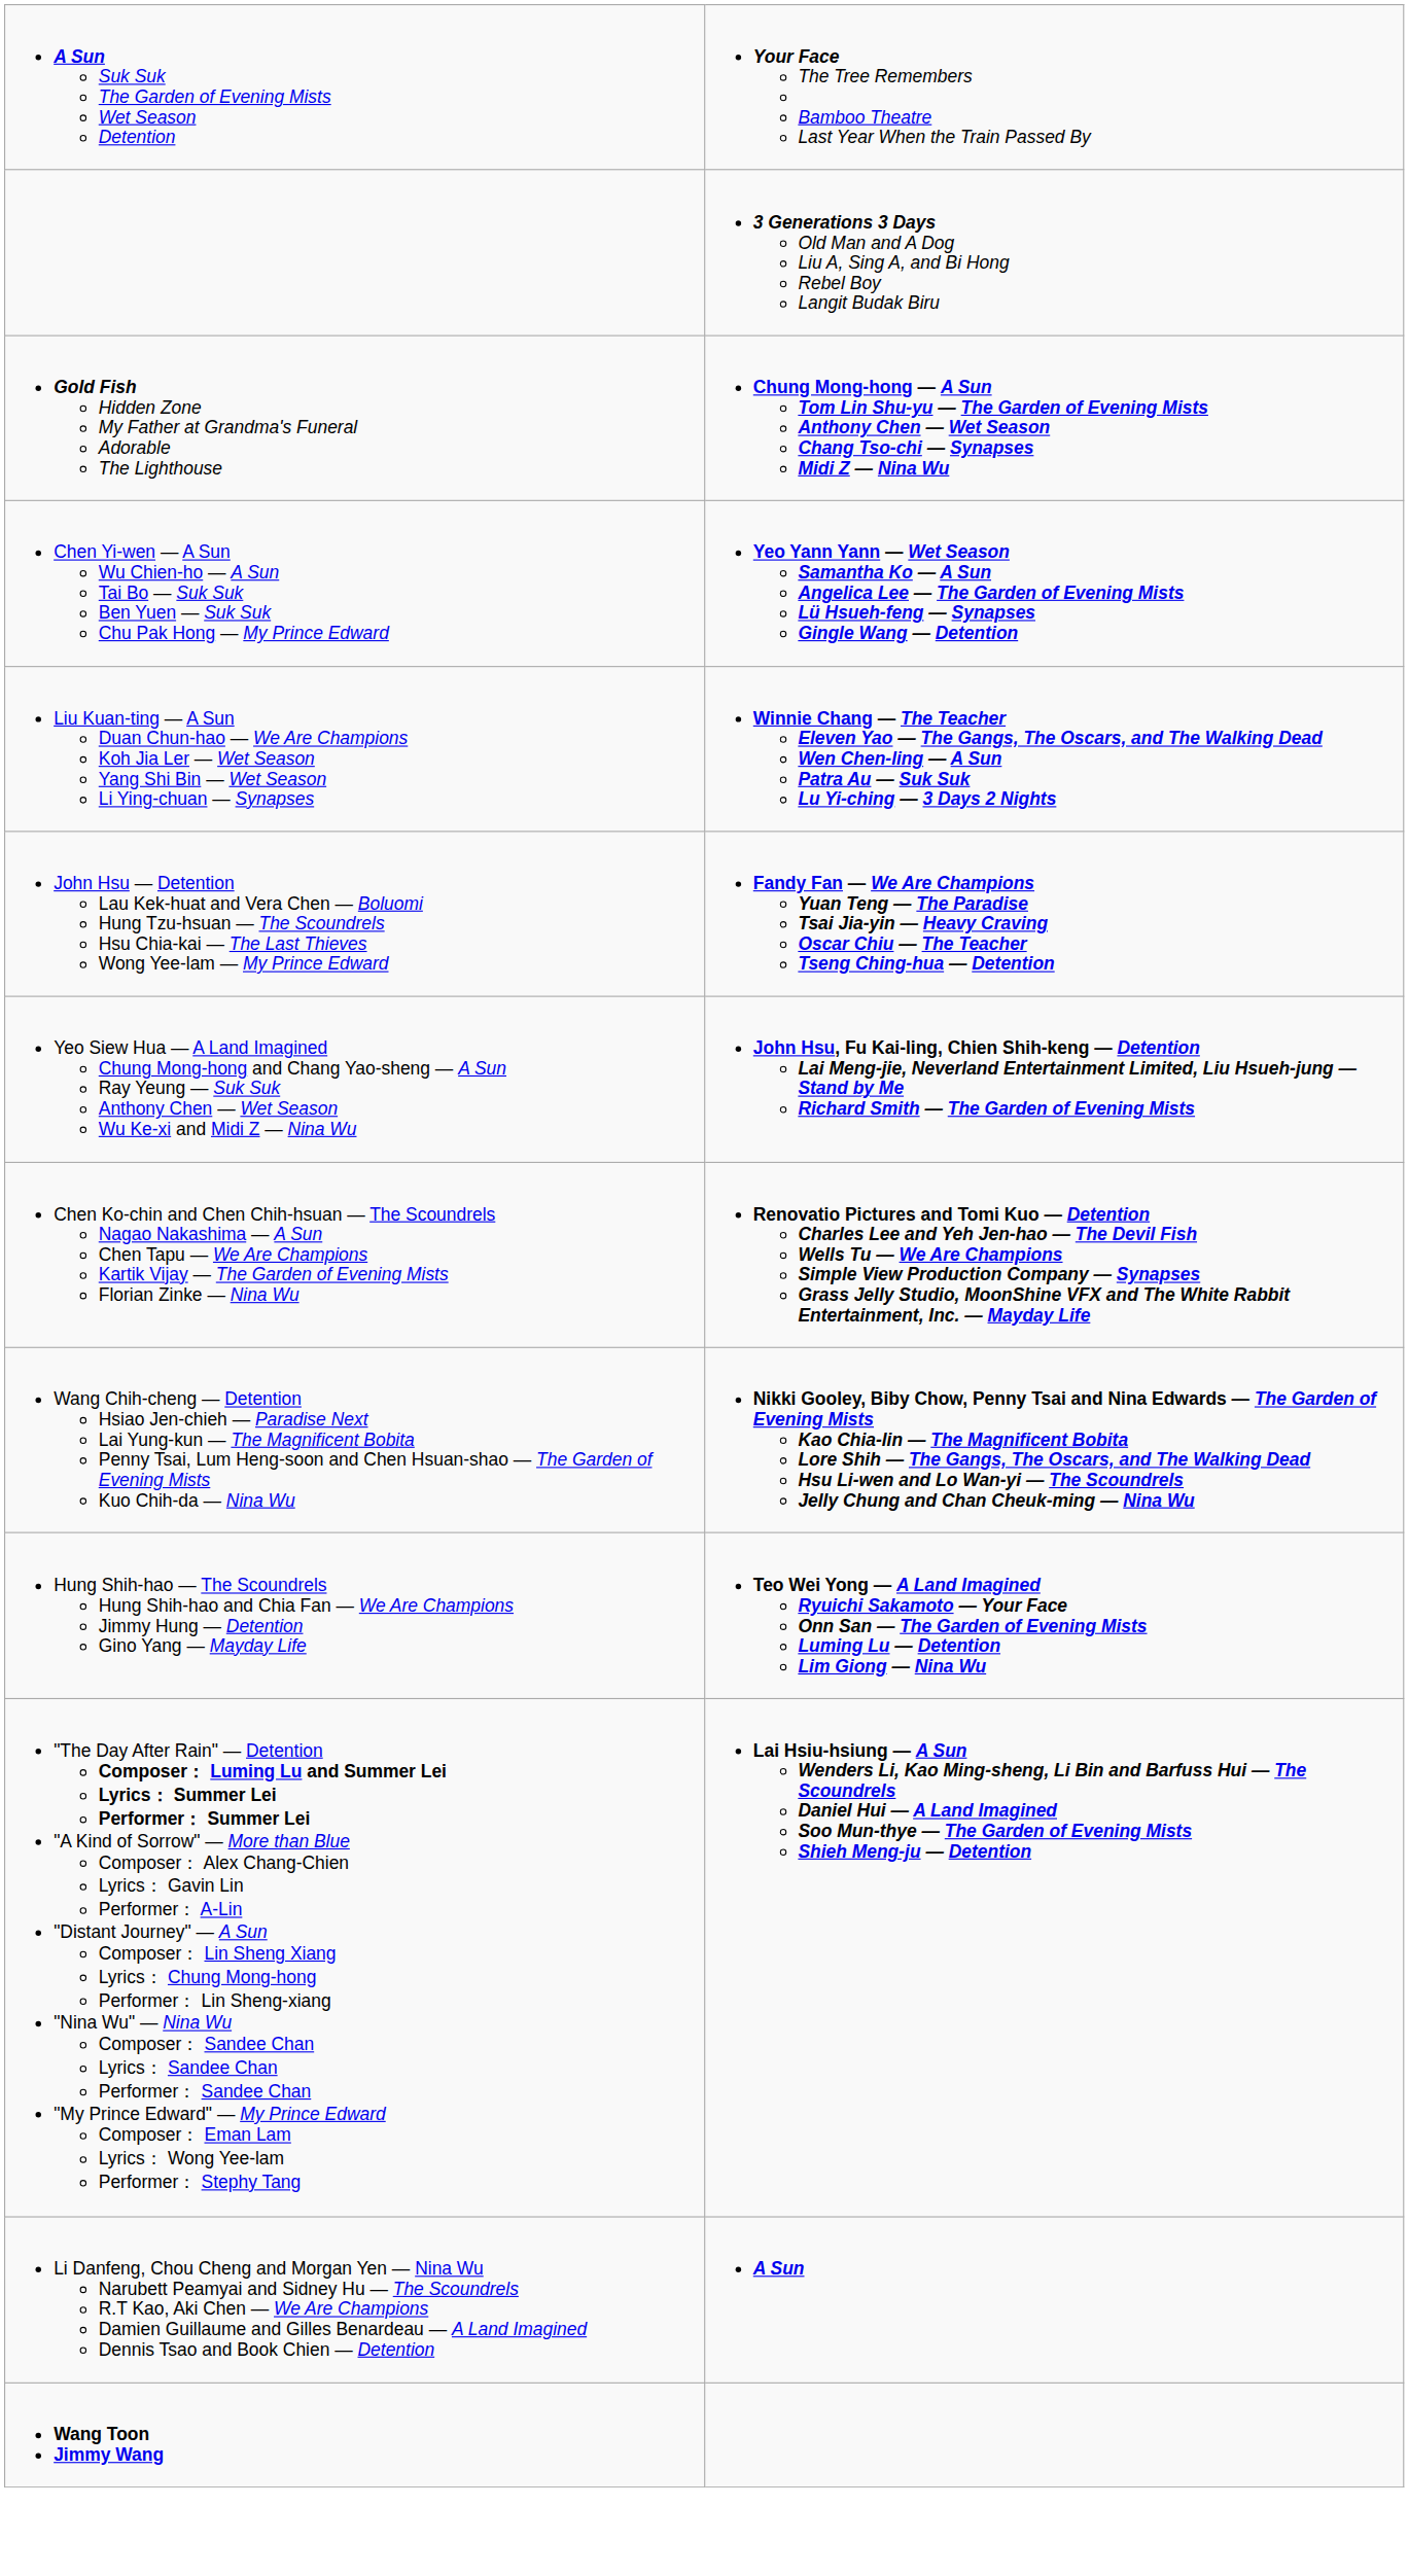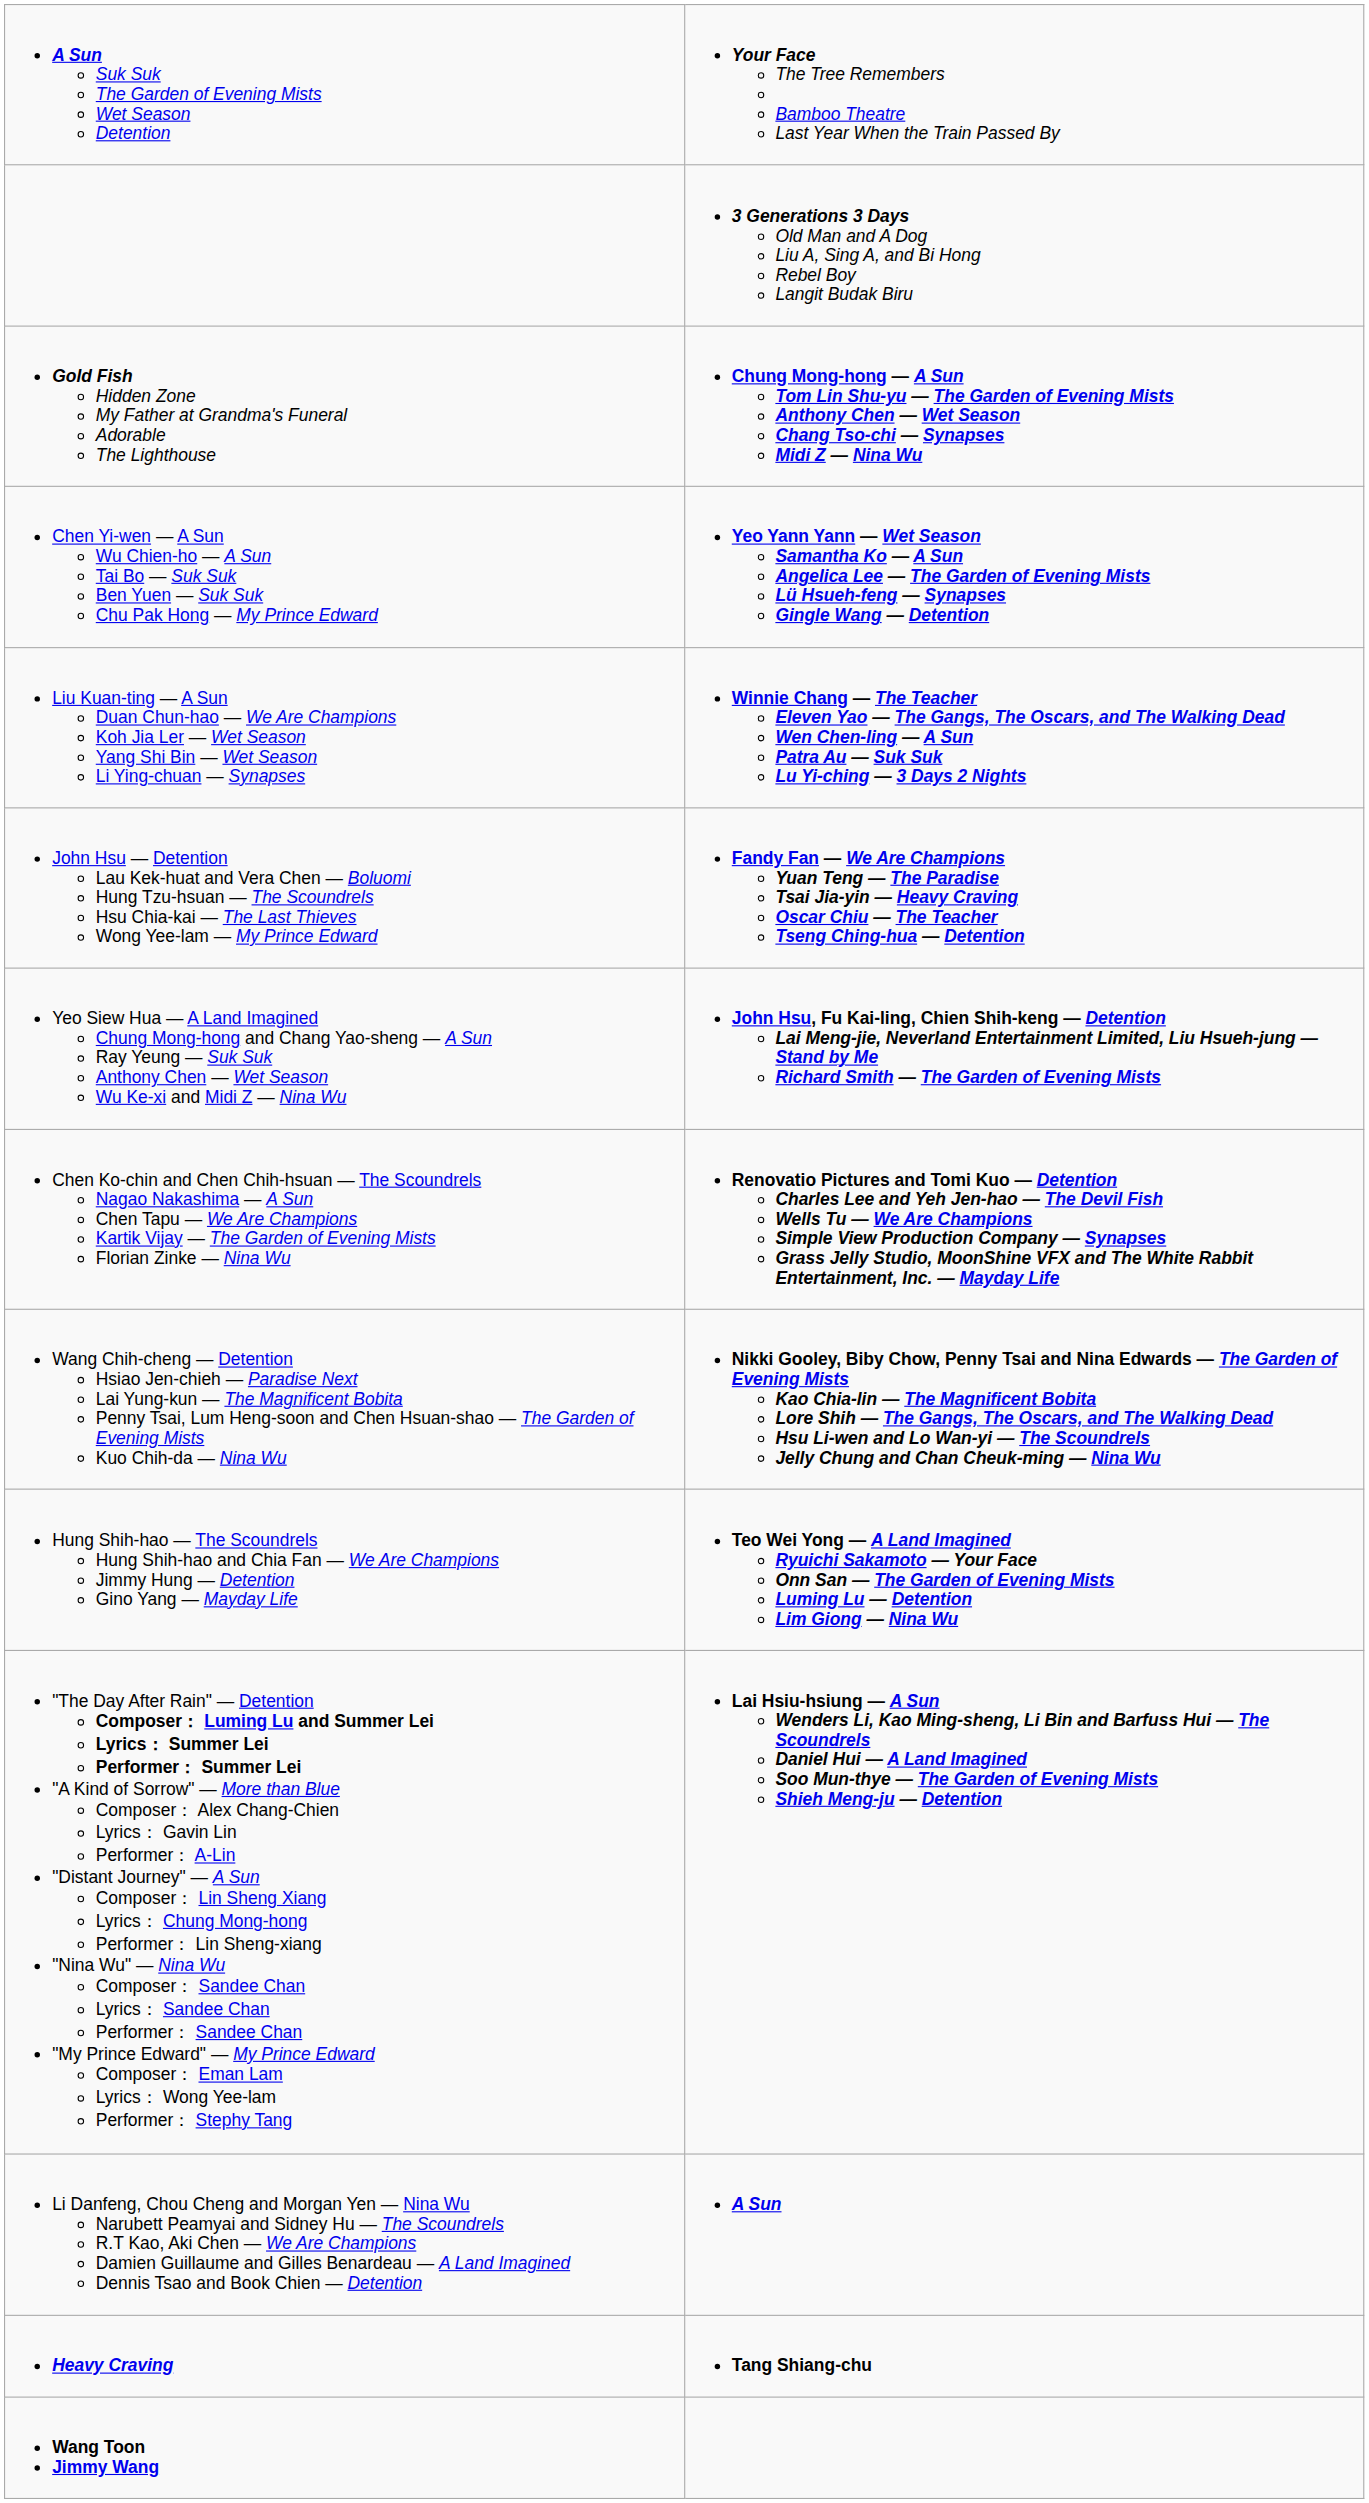 <table class=wikitable>
 <tr>
 <td valign="top" width="50%"><br><ul><li><strong><em><a href='#'>A Sun</a></em></strong><ul><li><em><a href='#'>Suk Suk</a></em></li><li><em><a href='#'>The Garden of Evening Mists</a></em></li><li><em><a href='#'>Wet Season</a></em></li><li><em><a href='#'>Detention</a></em></li></ul></li></ul></td>
 <td valign="top" width="50%"><br><ul><li><strong><em>Your Face</em></strong><ul><li><em>The Tree Remembers</em></li><li><em></em></li><li><em><a href='#'>Bamboo Theatre</a></em></li><li><em>Last Year When the Train Passed By</em></li></ul></li></ul></td>
 </tr>
 <tr>
 <td valign="top" width="50%"><br> </td>
 <td valign="top" width="50%"><br><ul><li><strong><em>3 Generations 3 Days</em></strong><ul><li><em>Old Man and A Dog</em></li><li><em>Liu A, Sing A, and Bi Hong</em></li><li><em>Rebel Boy</em></li><li><em>Langit Budak Biru</em></li></ul></li></ul></td>
 </tr>
 <tr>
 <td valign="top" width="50%"><br><ul><li><strong><em>Gold Fish</em></strong><ul><li><em>Hidden Zone</em></li><li><em>My Father at Grandma's Funeral</em></li><li><em>Adorable</em></li><li><em>The Lighthouse</em></li></ul></li></ul></td>
 <td valign="top" width="50%"><br><ul><li><strong><a href='#'>Chung Mong-hong</a> — <em><a href='#'>A Sun</a><strong><em><ul><li><a href='#'>Tom Lin Shu-yu</a> — </em><a href='#'>The Garden of Evening Mists</a><em></li><li><a href='#'>Anthony Chen</a> — </em><a href='#'>Wet Season</a><em></li><li><a href='#'>Chang Tso-chi</a> — </em><a href='#'>Synapses</a><em></li><li><a href='#'>Midi Z</a> — </em><a href='#'>Nina Wu</a><em></li></ul></li></ul></td>
 </tr>
 <tr>
 <td valign="top" width="50%"><br><ul><li></strong><a href='#'>Chen Yi-wen</a> — </em><a href='#'>A Sun</a></em></strong><ul><li><a href='#'>Wu Chien-ho</a> — <em><a href='#'>A Sun</a></em></li><li><a href='#'>Tai Bo</a> — <em><a href='#'>Suk Suk</a></em></li><li><a href='#'>Ben Yuen</a> — <em><a href='#'>Suk Suk</a></em></li><li><a href='#'>Chu Pak Hong</a> — <em><a href='#'>My Prince Edward</a></em></li></ul></li></ul></td>
 <td valign="top" width="50%"><br><ul><li><strong><a href='#'>Yeo Yann Yann</a> — <em><a href='#'>Wet Season</a><strong><em><ul><li><a href='#'>Samantha Ko</a> — </em><a href='#'>A Sun</a><em></li><li><a href='#'>Angelica Lee</a> — </em><a href='#'>The Garden of Evening Mists</a><em></li><li><a href='#'>Lü Hsueh-feng</a> — </em><a href='#'>Synapses</a><em></li><li><a href='#'>Gingle Wang</a> — </em><a href='#'>Detention</a><em></li></ul></li></ul></td>
 </tr>
 <tr>
 <td valign="top" width="50%"><br><ul><li></strong><a href='#'>Liu Kuan-ting</a> — </em><a href='#'>A Sun</a></em></strong><ul><li><a href='#'>Duan Chun-hao</a> — <em><a href='#'>We Are Champions</a></em></li><li><a href='#'>Koh Jia Ler</a> — <em><a href='#'>Wet Season</a></em></li><li><a href='#'>Yang Shi Bin</a> — <em><a href='#'>Wet Season</a></em></li><li><a href='#'>Li Ying-chuan</a> — <em><a href='#'>Synapses</a></em></li></ul></li></ul></td>
 <td valign="top" width="50%"><br><ul><li><strong><a href='#'>Winnie Chang</a> — <em><a href='#'>The Teacher</a><strong><em><ul><li><a href='#'>Eleven Yao</a> — </em><a href='#'>The Gangs, The Oscars, and The Walking Dead</a><em></li><li><a href='#'>Wen Chen-ling</a> — </em><a href='#'>A Sun</a><em></li><li><a href='#'>Patra Au</a> — </em><a href='#'>Suk Suk</a><em></li><li><a href='#'>Lu Yi-ching</a> — </em><a href='#'>3 Days 2 Nights</a><em></li></ul></li></ul></td>
 </tr>
 <tr>
 <td valign="top" width="50%"><br><ul><li></strong><a href='#'>John Hsu</a> — </em><a href='#'>Detention</a></em></strong><ul><li>Lau Kek-huat and Vera Chen — <em><a href='#'>Boluomi</a></em></li><li>Hung Tzu-hsuan — <em><a href='#'>The Scoundrels</a></em></li><li>Hsu Chia-kai — <em><a href='#'>The Last Thieves</a></em></li><li>Wong Yee-lam — <em><a href='#'>My Prince Edward</a></em></li></ul></li></ul></td>
 <td valign="top" width="50%"><br><ul><li><strong><a href='#'>Fandy Fan</a> — <em><a href='#'>We Are Champions</a><strong><em><ul><li>Yuan Teng — </em><a href='#'>The Paradise</a><em></li><li>Tsai Jia-yin — </em><a href='#'>Heavy Craving</a><em></li><li><a href='#'>Oscar Chiu</a> — </em><a href='#'>The Teacher</a><em></li><li><a href='#'>Tseng Ching-hua</a> — </em><a href='#'>Detention</a><em></li></ul></li></ul></td>
 </tr>
 <tr>
 <td valign="top" width="50%"><br><ul><li></strong>Yeo Siew Hua — </em><a href='#'>A Land Imagined</a></em></strong><ul><li><a href='#'>Chung Mong-hong</a> and Chang Yao-sheng — <em><a href='#'>A Sun</a></em></li><li>Ray Yeung — <em><a href='#'>Suk Suk</a></em></li><li><a href='#'>Anthony Chen</a> — <em><a href='#'>Wet Season</a></em></li><li><a href='#'>Wu Ke-xi</a> and <a href='#'>Midi Z</a> — <em><a href='#'>Nina Wu</a></em></li></ul></li></ul></td>
 <td valign="top" width="50%"><br><ul><li><strong><a href='#'>John Hsu</a>, Fu Kai-ling, Chien Shih-keng — <em><a href='#'>Detention</a><strong><em><ul><li>Lai Meng-jie, Neverland Entertainment Limited, Liu Hsueh-jung — </em><a href='#'>Stand by Me</a><em></li><li><a href='#'>Richard Smith</a> — </em><a href='#'>The Garden of Evening Mists</a><em></li></ul></li></ul></td>
 </tr>
 <tr>
 <td valign="top" width="50%"><br><ul><li></strong>Chen Ko-chin and Chen Chih-hsuan — </em><a href='#'>The Scoundrels</a></em></strong><ul><li><a href='#'>Nagao Nakashima</a> — <em><a href='#'>A Sun</a></em></li><li>Chen Tapu — <em><a href='#'>We Are Champions</a></em></li><li><a href='#'>Kartik Vijay</a>  — <em><a href='#'>The Garden of Evening Mists</a></em></li><li>Florian Zinke — <em><a href='#'>Nina Wu</a></em></li></ul></li></ul></td>
 <td valign="top" width="50%"><br><ul><li><strong>Renovatio Pictures and Tomi Kuo  — <em><a href='#'>Detention</a><strong><em><ul><li>Charles Lee and Yeh Jen-hao — </em><a href='#'>The Devil Fish</a><em></li><li>Wells Tu — </em><a href='#'>We Are Champions</a><em></li><li>Simple View Production Company — </em><a href='#'>Synapses</a><em></li><li>Grass Jelly Studio, MoonShine VFX and The White Rabbit Entertainment, Inc.  — </em><a href='#'>Mayday Life</a><em></li></ul></li></ul></td>
 </tr>
 <tr>
 <td valign="top" width="50%"><br><ul><li></strong>Wang Chih-cheng — </em><a href='#'>Detention</a></em></strong><ul><li>Hsiao Jen-chieh — <em><a href='#'>Paradise Next</a></em></li><li>Lai Yung-kun — <em><a href='#'>The Magnificent Bobita</a></em></li><li>Penny Tsai, Lum Heng-soon and Chen Hsuan-shao — <em><a href='#'>The Garden of Evening Mists</a></em></li><li>Kuo Chih-da — <em><a href='#'>Nina Wu</a></em></li></ul></li></ul></td>
 <td valign="top" width="50%"><br><ul><li><strong>Nikki Gooley, Biby Chow, Penny Tsai and Nina Edwards — <em><a href='#'>The Garden of Evening Mists</a><strong><em><ul><li>Kao Chia-lin — </em><a href='#'>The Magnificent Bobita</a><em></li><li>Lore Shih — </em><a href='#'>The Gangs, The Oscars, and The Walking Dead</a><em></li><li>Hsu Li-wen and Lo Wan-yi — </em><a href='#'>The Scoundrels</a><em></li><li>Jelly Chung and Chan Cheuk-ming — </em><a href='#'>Nina Wu</a><em></li></ul></li></ul></td>
 </tr>
 <tr>
 <td valign="top" width="50%"><br><ul><li></strong>Hung Shih-hao — </em><a href='#'>The Scoundrels</a></em></strong><ul><li>Hung Shih-hao and Chia Fan — <em><a href='#'>We Are Champions</a></em></li><li>Jimmy Hung — <em><a href='#'>Detention</a></em></li><li>Gino Yang — <em><a href='#'>Mayday Life</a></em></li></ul></li></ul></td>
 <td valign="top" width="50%"><br><ul><li><strong>Teo Wei Yong — <em><a href='#'>A Land Imagined</a><strong><em><ul><li><a href='#'>Ryuichi Sakamoto</a> — </em>Your Face<em></li><li>Onn San — </em><a href='#'>The Garden of Evening Mists</a><em></li><li><a href='#'>Luming Lu</a> — </em><a href='#'>Detention</a><em></li><li><a href='#'>Lim Giong</a> — </em><a href='#'>Nina Wu</a><em></li></ul></li></ul></td>
 </tr>
 <tr>
 <td valign="top" width="50%"><br><ul><li></strong>"The Day After Rain" — </em><a href='#'>Detention</a></em></strong><ul><li><strong>Composer： <a href='#'>Luming Lu</a> and Summer Lei</strong></li><li><strong>Lyrics： Summer Lei</strong></li><li><strong>Performer： Summer Lei</strong></li></ul></li><li>"A Kind of Sorrow" — <em><a href='#'>More than Blue</a></em><ul><li>Composer： Alex Chang-Chien</li><li>Lyrics： Gavin Lin</li><li>Performer： <a href='#'>A-Lin</a></li></ul></li><li>"Distant Journey" — <em><a href='#'>A Sun</a></em><ul><li>Composer： <a href='#'>Lin Sheng Xiang</a></li><li>Lyrics： <a href='#'>Chung Mong-hong</a></li><li>Performer： Lin Sheng-xiang</li></ul></li><li>"Nina Wu" — <em><a href='#'>Nina Wu</a></em><ul><li>Composer： <a href='#'>Sandee Chan</a></li><li>Lyrics： <a href='#'>Sandee Chan</a></li><li>Performer： <a href='#'>Sandee Chan</a></li></ul></li><li>"My Prince Edward" — <em><a href='#'>My Prince Edward</a></em><ul><li>Composer： <a href='#'>Eman Lam</a></li><li>Lyrics： Wong Yee-lam</li><li>Performer： <a href='#'>Stephy Tang</a></li></ul></li></ul></td>
 <td valign="top" width="50%"><br><ul><li><strong>Lai Hsiu-hsiung — <em><a href='#'>A Sun</a><strong><em><ul><li>Wenders Li, Kao Ming-sheng, Li Bin and Barfuss Hui — </em><a href='#'>The Scoundrels</a><em></li><li>Daniel Hui — </em><a href='#'>A Land Imagined</a><em></li><li>Soo Mun-thye — </em><a href='#'>The Garden of Evening Mists</a><em></li><li><a href='#'>Shieh Meng-ju</a> — </em><a href='#'>Detention</a><em></li></ul></li></ul></td>
 </tr>
 <tr>
 <td valign="top" width="50%"><br><ul><li></strong>Li Danfeng, Chou Cheng and Morgan Yen — </em><a href='#'>Nina Wu</a></em></strong><ul><li>Narubett Peamyai and Sidney Hu — <em><a href='#'>The Scoundrels</a></em></li><li>R.T Kao, Aki Chen — <em><a href='#'>We Are Champions</a></em></li><li>Damien Guillaume and Gilles Benardeau — <em><a href='#'>A Land Imagined</a></em></li><li>Dennis Tsao and Book Chien — <em><a href='#'>Detention</a></em></li></ul></li></ul></td>
 <td valign="top" width="50%"><br><ul><li><strong><em><a href='#'>A Sun</a></em></strong></li></ul></td>
 </tr>
 <tr>
+<td valign="top" width="50%"><br><ul><li><strong><em><a href='#'>Heavy Craving</a></em></strong></li></ul></td>
+<td valign="top" width="50%"><br><ul><li><strong>Tang Shiang-chu</strong></li></ul></td>
+</tr>
+<tr>
 <td valign="top" width="50%"><br><ul><li><strong>Wang Toon</strong></li><li><strong><a href='#'>Jimmy Wang</a></strong></li></ul></td>
 </tr>
 </table>
